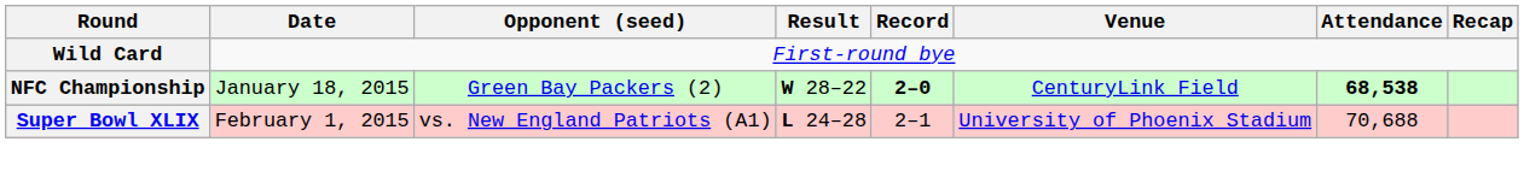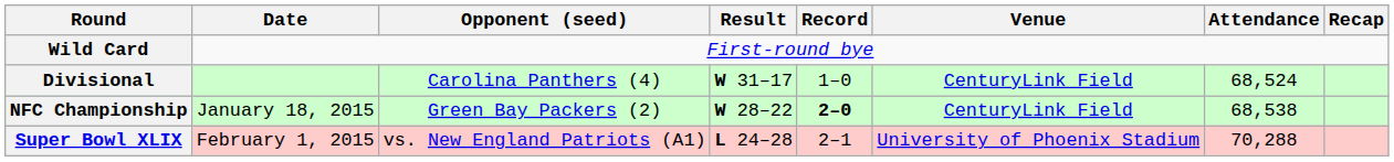 <table class="wikitable" style="text-align:center">
 <tr>
 <th>Round</th>
 <th>Date</th>
 <th>Opponent (seed)</th>
 <th>Result</th>
 <th>Record</th>
 <th>Venue</th>
 <th>Attendance</th>
 <th>Recap</th>
 </tr>
 <tr>
 <th>Wild Card</th>
 <td colspan="7"><em><a href='#'>First-round bye</a></em></td>
 </tr>
 <tr style="background:#cfc">
+<th>Divisional</th>
+<td></td>
+<td><a href='#'>Carolina Panthers</a> (4)</td>
+<td><strong>W</strong> 31–17</td>
+<td>1–0</td>
+<td><a href='#'>CenturyLink Field</a></td>
+<td>68,524</td>
+<td></td>
+</tr>
+<tr style="background:#cfc">
 <th>NFC Championship</th>
 <td>January 18, 2015</td>
 <td><a href='#'>Green Bay Packers</a> (2)</td>
 <td><strong>W</strong> 28–22 </td>
 <td><strong>2–0</strong></td>
 <td><a href='#'>CenturyLink Field</a></td>
-<td><strong>68,538</strong></td>
+<td>68,538</td>
 <td></td>
 </tr>
 <tr style="background:#fcc">
 <th><a href='#'>Super Bowl XLIX</a></th>
 <td>February 1, 2015</td>
 <td>vs. <a href='#'>New England Patriots</a> (A1)</td>
 <td><strong>L</strong> 24–28</td>
 <td>2–1</td>
 <td><a href='#'>University of Phoenix Stadium</a></td>
-<td>70,688</td>
+<td>70,288</td>
 <td></td>
 </tr>
 </table>
